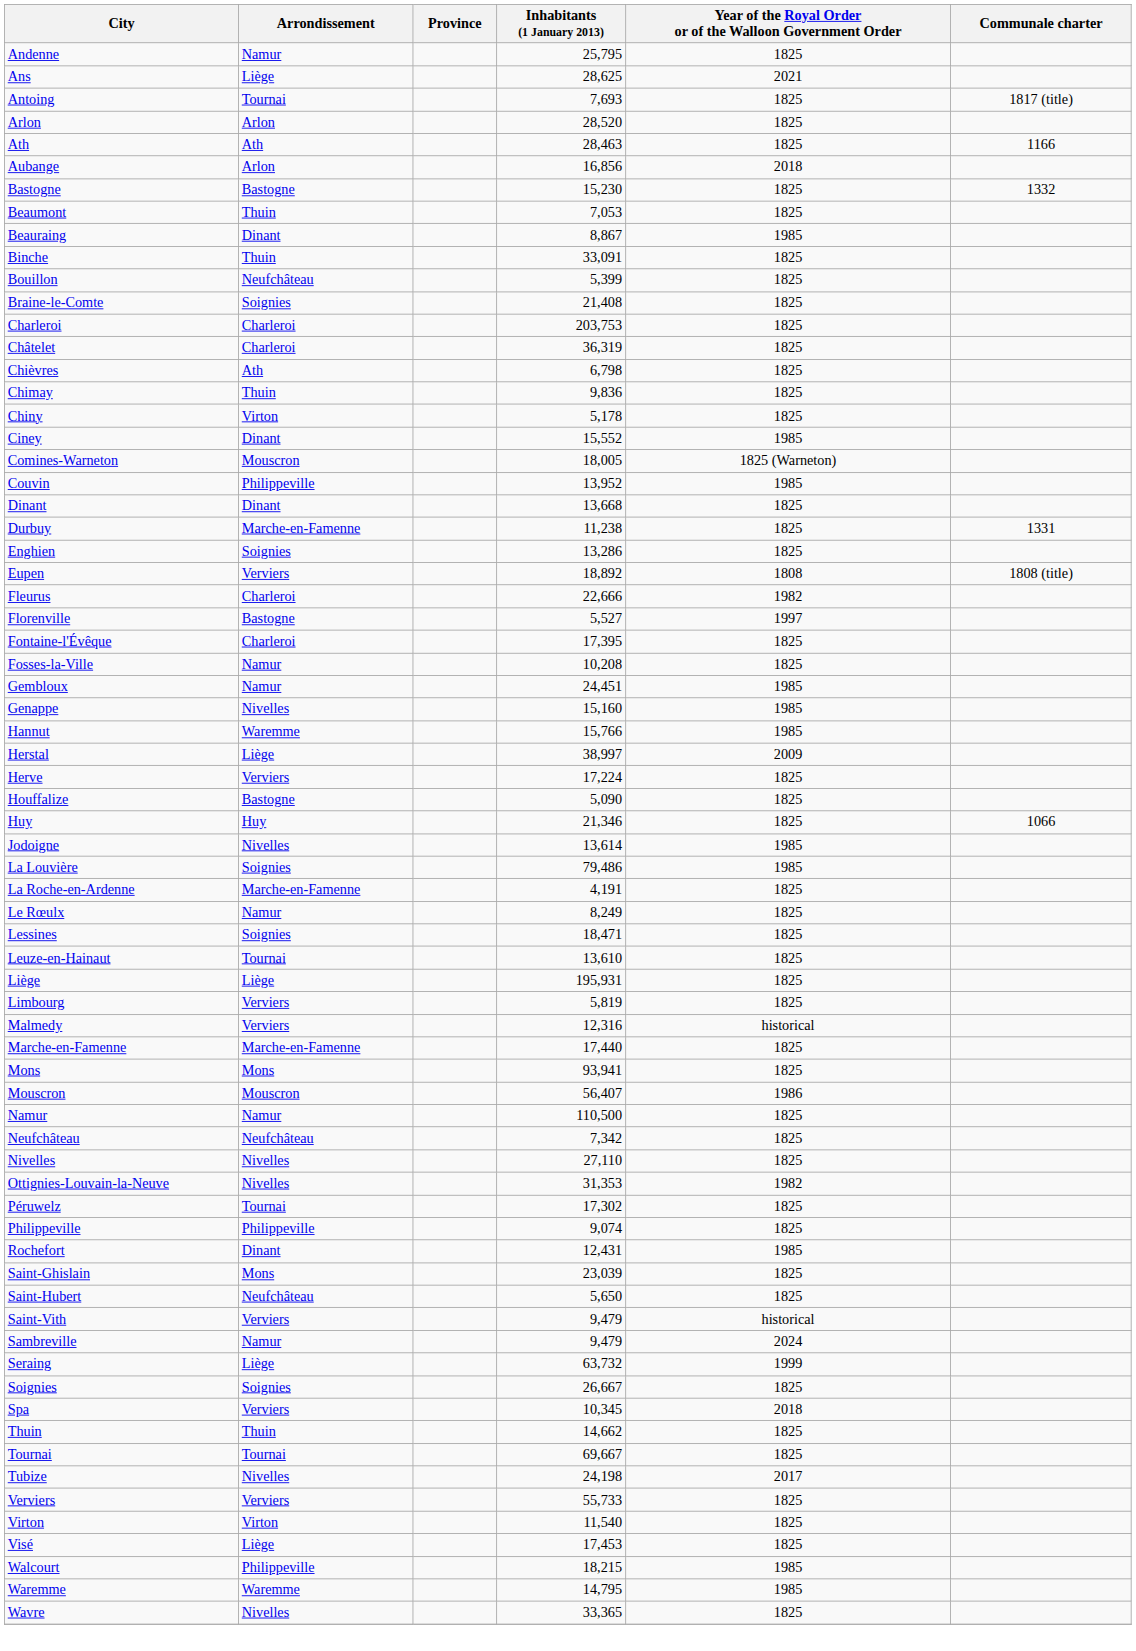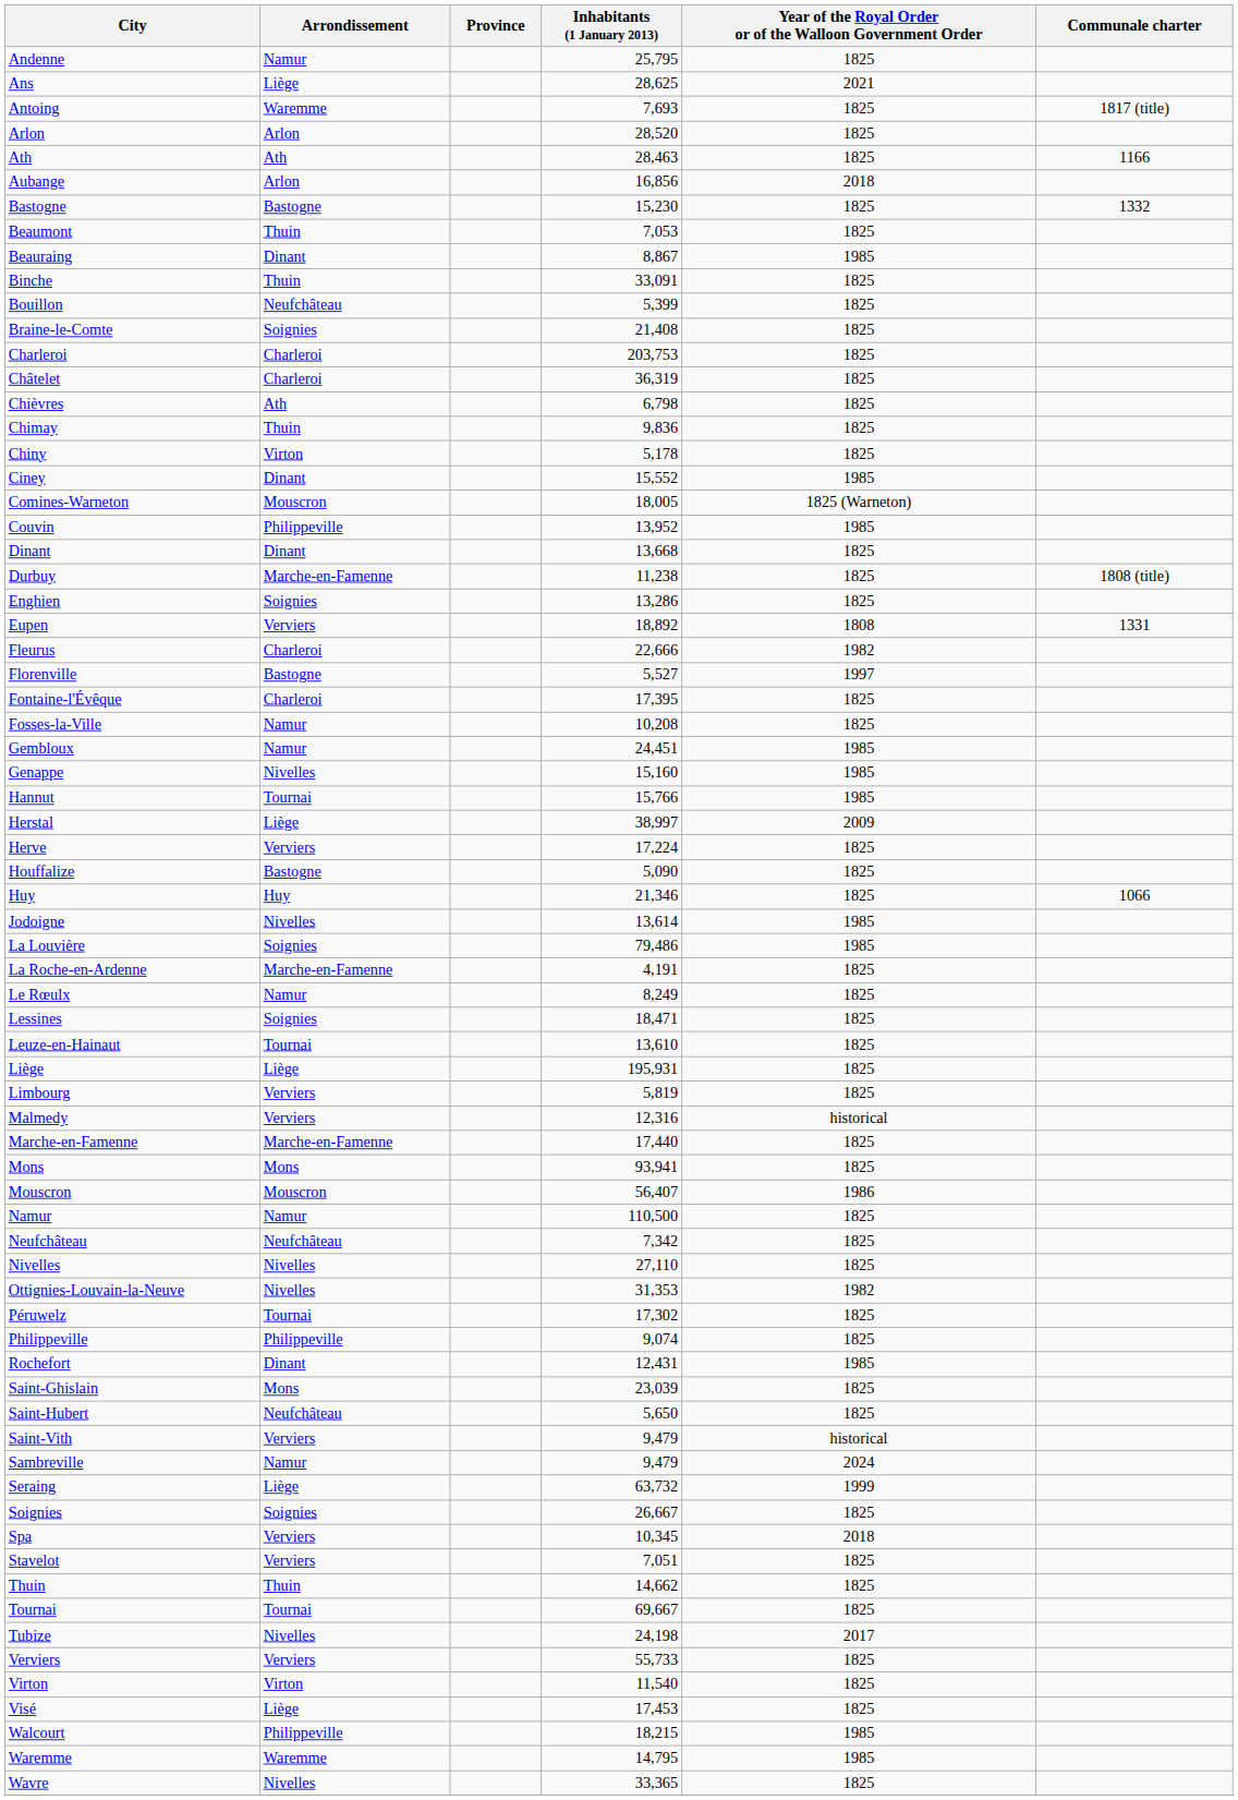 <table bgcolor="#DFDFDF" class="wikitable sortable centre" width="80%">
 <tr>
 <th>City</th>
 <th>Arrondissement</th>
 <th>Province</th>
 <th>Inhabitants<br><small>(1 January 2013)</small></th>
 <th>Year of the <a href='#'>Royal Order</a> <br>or of the Walloon Government Order</th>
 <th>Communale charter</th>
 </tr>
 <tr>
 <td><a href='#'>Andenne</a></td>
 <td><a href='#'>Namur</a></td>
 <td></td>
 <td align="right">25,795</td>
 <td align="center">1825</td>
 <td></td>
 </tr>
 <tr>
 <td><a href='#'>Ans</a></td>
 <td><a href='#'>Liège</a></td>
 <td></td>
 <td align="right">28,625</td>
 <td align="center">2021</td>
 <td></td>
 </tr>
 <tr>
 <td><a href='#'>Antoing</a></td>
-<td><a href='#'>Tournai</a></td>
+<td><a href='#'>Waremme</a></td>
 <td></td>
 <td align="right">7,693</td>
 <td align="center">1825</td>
 <td align="center">1817 (title)</td>
 </tr>
 <tr>
 <td><a href='#'>Arlon</a></td>
 <td><a href='#'>Arlon</a></td>
 <td></td>
 <td align="right">28,520</td>
 <td align="center">1825</td>
 <td></td>
 </tr>
 <tr>
 <td><a href='#'>Ath</a></td>
 <td><a href='#'>Ath</a></td>
 <td></td>
 <td align="right">28,463</td>
 <td align="center">1825</td>
 <td align="center">1166</td>
 </tr>
 <tr>
 <td><a href='#'>Aubange</a></td>
 <td><a href='#'>Arlon</a></td>
 <td></td>
 <td align="right">16,856</td>
 <td align="center">2018</td>
 <td></td>
 </tr>
 <tr>
 <td><a href='#'>Bastogne</a></td>
 <td><a href='#'>Bastogne</a></td>
 <td></td>
 <td align="right">15,230</td>
 <td align="center">1825</td>
 <td align="center">1332</td>
 </tr>
 <tr>
 <td><a href='#'>Beaumont</a></td>
 <td><a href='#'>Thuin</a></td>
 <td></td>
 <td align="right">7,053</td>
 <td align="center">1825</td>
 <td></td>
 </tr>
 <tr>
 <td><a href='#'>Beauraing</a></td>
 <td><a href='#'>Dinant</a></td>
 <td></td>
 <td align="right">8,867</td>
 <td align="center">1985</td>
 <td></td>
 </tr>
 <tr>
 <td><a href='#'>Binche</a></td>
 <td><a href='#'>Thuin</a></td>
 <td></td>
 <td align="right">33,091</td>
 <td align="center">1825</td>
 <td></td>
 </tr>
 <tr>
 <td><a href='#'>Bouillon</a></td>
 <td><a href='#'>Neufchâteau</a></td>
 <td></td>
 <td align="right">5,399</td>
 <td align="center">1825</td>
 <td></td>
 </tr>
 <tr>
 <td><a href='#'>Braine-le-Comte</a></td>
 <td><a href='#'>Soignies</a></td>
 <td></td>
 <td align="right">21,408</td>
 <td align="center">1825</td>
 <td></td>
 </tr>
 <tr>
 <td><a href='#'>Charleroi</a></td>
 <td><a href='#'>Charleroi</a></td>
 <td></td>
 <td align="right">203,753</td>
 <td align="center">1825</td>
 <td></td>
 </tr>
 <tr>
 <td><a href='#'>Châtelet</a></td>
 <td><a href='#'>Charleroi</a></td>
 <td></td>
 <td align="right">36,319</td>
 <td align="center">1825</td>
 <td></td>
 </tr>
 <tr>
 <td><a href='#'>Chièvres</a></td>
 <td><a href='#'>Ath</a></td>
 <td></td>
 <td align="right">6,798</td>
 <td align="center">1825</td>
 <td></td>
 </tr>
 <tr>
 <td><a href='#'>Chimay</a></td>
 <td><a href='#'>Thuin</a></td>
 <td></td>
 <td align="right">9,836</td>
 <td align="center">1825</td>
 <td></td>
 </tr>
 <tr>
 <td><a href='#'>Chiny</a></td>
 <td><a href='#'>Virton</a></td>
 <td></td>
 <td align="right">5,178</td>
 <td align="center">1825</td>
 <td></td>
 </tr>
 <tr>
 <td><a href='#'>Ciney</a></td>
 <td><a href='#'>Dinant</a></td>
 <td></td>
 <td align="right">15,552</td>
 <td align="center">1985</td>
 <td></td>
 </tr>
 <tr>
 <td><a href='#'>Comines-Warneton</a></td>
 <td><a href='#'>Mouscron</a></td>
 <td></td>
 <td align="right">18,005</td>
 <td align="center">1825 (Warneton)</td>
 <td></td>
 </tr>
 <tr>
 <td><a href='#'>Couvin</a></td>
 <td><a href='#'>Philippeville</a></td>
 <td></td>
 <td align="right">13,952</td>
 <td align="center">1985</td>
 <td></td>
 </tr>
 <tr>
 <td><a href='#'>Dinant</a></td>
 <td><a href='#'>Dinant</a></td>
 <td></td>
 <td align="right">13,668</td>
 <td align="center">1825</td>
 <td></td>
 </tr>
 <tr>
 <td><a href='#'>Durbuy</a></td>
 <td><a href='#'>Marche-en-Famenne</a></td>
 <td></td>
 <td align="right">11,238</td>
 <td align="center">1825</td>
-<td align="center">1331</td>
+<td align="center">1808 (title)</td>
 </tr>
 <tr>
 <td><a href='#'>Enghien</a></td>
 <td><a href='#'>Soignies</a></td>
 <td></td>
 <td align="right">13,286</td>
 <td align="center">1825</td>
 <td></td>
 </tr>
 <tr>
 <td><a href='#'>Eupen</a></td>
 <td><a href='#'>Verviers</a></td>
 <td></td>
 <td align="right">18,892</td>
 <td align="center">1808</td>
-<td align="center">1808 (title)</td>
+<td align="center">1331</td>
 </tr>
 <tr>
 <td><a href='#'>Fleurus</a></td>
 <td><a href='#'>Charleroi</a></td>
 <td></td>
 <td align="right">22,666</td>
 <td align="center">1982</td>
 <td></td>
 </tr>
 <tr>
 <td><a href='#'>Florenville</a></td>
 <td><a href='#'>Bastogne</a></td>
 <td></td>
 <td align="right">5,527</td>
 <td align="center">1997</td>
 <td></td>
 </tr>
 <tr>
 <td><a href='#'>Fontaine-l'Évêque</a></td>
 <td><a href='#'>Charleroi</a></td>
 <td></td>
 <td align="right">17,395</td>
 <td align="center">1825</td>
 <td></td>
 </tr>
 <tr>
 <td><a href='#'>Fosses-la-Ville</a></td>
 <td><a href='#'>Namur</a></td>
 <td></td>
 <td align="right">10,208</td>
 <td align="center">1825</td>
 <td></td>
 </tr>
 <tr>
 <td><a href='#'>Gembloux</a></td>
 <td><a href='#'>Namur</a></td>
 <td></td>
 <td align="right">24,451</td>
 <td align="center">1985</td>
 <td></td>
 </tr>
 <tr>
 <td><a href='#'>Genappe</a></td>
 <td><a href='#'>Nivelles</a></td>
 <td></td>
 <td align="right">15,160</td>
 <td align="center">1985</td>
 <td></td>
 </tr>
 <tr>
 <td><a href='#'>Hannut</a></td>
-<td><a href='#'>Waremme</a></td>
+<td><a href='#'>Tournai</a></td>
 <td></td>
 <td align="right">15,766</td>
 <td align="center">1985</td>
 <td></td>
 </tr>
 <tr>
 <td><a href='#'>Herstal</a></td>
 <td><a href='#'>Liège</a></td>
 <td></td>
 <td align="right">38,997</td>
 <td align="center">2009</td>
 <td></td>
 </tr>
 <tr>
 <td><a href='#'>Herve</a></td>
 <td><a href='#'>Verviers</a></td>
 <td></td>
 <td align="right">17,224</td>
 <td align="center">1825</td>
 <td></td>
 </tr>
 <tr>
 <td><a href='#'>Houffalize</a></td>
 <td><a href='#'>Bastogne</a></td>
 <td></td>
 <td align="right">5,090</td>
 <td align="center">1825</td>
 <td></td>
 </tr>
 <tr>
 <td><a href='#'>Huy</a></td>
 <td><a href='#'>Huy</a></td>
 <td></td>
 <td align="right">21,346</td>
 <td align="center">1825</td>
 <td align="center">1066</td>
 </tr>
 <tr>
 <td><a href='#'>Jodoigne</a></td>
 <td><a href='#'>Nivelles</a></td>
 <td></td>
 <td align="right">13,614</td>
 <td align="center">1985</td>
 <td></td>
 </tr>
 <tr>
 <td><a href='#'>La Louvière</a></td>
 <td><a href='#'>Soignies</a></td>
 <td></td>
 <td align="right">79,486</td>
 <td align="center">1985</td>
 <td></td>
 </tr>
 <tr>
 <td><a href='#'>La Roche-en-Ardenne</a></td>
 <td><a href='#'>Marche-en-Famenne</a></td>
 <td></td>
 <td align="right">4,191</td>
 <td align="center">1825</td>
 <td></td>
 </tr>
 <tr>
 <td><a href='#'>Le Rœulx</a></td>
 <td><a href='#'>Namur</a></td>
 <td></td>
 <td align="right">8,249</td>
 <td align="center">1825</td>
 <td></td>
 </tr>
 <tr>
 <td><a href='#'>Lessines</a></td>
 <td><a href='#'>Soignies</a></td>
 <td></td>
 <td align="right">18,471</td>
 <td align="center">1825</td>
 <td></td>
 </tr>
 <tr>
 <td><a href='#'>Leuze-en-Hainaut</a></td>
 <td><a href='#'>Tournai</a></td>
 <td></td>
 <td align="right">13,610</td>
 <td align="center">1825</td>
 <td></td>
 </tr>
 <tr>
 <td><a href='#'>Liège</a></td>
 <td><a href='#'>Liège</a></td>
 <td></td>
 <td align="right">195,931</td>
 <td align="center">1825</td>
 <td></td>
 </tr>
 <tr>
 <td><a href='#'>Limbourg</a></td>
 <td><a href='#'>Verviers</a></td>
 <td></td>
 <td align="right">5,819</td>
 <td align="center">1825</td>
 <td></td>
 </tr>
 <tr>
 <td><a href='#'>Malmedy</a></td>
 <td><a href='#'>Verviers</a></td>
 <td></td>
 <td align="right">12,316</td>
 <td align="center">historical</td>
 <td></td>
 </tr>
 <tr>
 <td><a href='#'>Marche-en-Famenne</a></td>
 <td><a href='#'>Marche-en-Famenne</a></td>
 <td></td>
 <td align="right">17,440</td>
 <td align="center">1825</td>
 <td></td>
 </tr>
 <tr>
 <td><a href='#'>Mons</a></td>
 <td><a href='#'>Mons</a></td>
 <td></td>
 <td align="right">93,941</td>
 <td align="center">1825</td>
 <td></td>
 </tr>
 <tr>
 <td><a href='#'>Mouscron</a></td>
 <td><a href='#'>Mouscron</a></td>
 <td></td>
 <td align="right">56,407</td>
 <td align="center">1986</td>
 <td></td>
 </tr>
 <tr>
 <td><a href='#'>Namur</a></td>
 <td><a href='#'>Namur</a></td>
 <td></td>
 <td align="right">110,500</td>
 <td align="center">1825</td>
 <td></td>
 </tr>
 <tr>
 <td><a href='#'>Neufchâteau</a></td>
 <td><a href='#'>Neufchâteau</a></td>
 <td></td>
 <td align="right">7,342</td>
 <td align="center">1825</td>
 <td></td>
 </tr>
 <tr>
 <td><a href='#'>Nivelles</a></td>
 <td><a href='#'>Nivelles</a></td>
 <td></td>
 <td align="right">27,110</td>
 <td align="center">1825</td>
 <td></td>
 </tr>
 <tr>
 <td><a href='#'>Ottignies-Louvain-la-Neuve</a></td>
 <td><a href='#'>Nivelles</a></td>
 <td></td>
 <td align="right">31,353</td>
 <td align="center">1982</td>
 <td></td>
 </tr>
 <tr>
 <td><a href='#'>Péruwelz</a></td>
 <td><a href='#'>Tournai</a></td>
 <td></td>
 <td align="right">17,302</td>
 <td align="center">1825</td>
 <td></td>
 </tr>
 <tr>
 <td><a href='#'>Philippeville</a></td>
 <td><a href='#'>Philippeville</a></td>
 <td></td>
 <td align="right">9,074</td>
 <td align="center">1825</td>
 <td></td>
 </tr>
 <tr>
 <td><a href='#'>Rochefort</a></td>
 <td><a href='#'>Dinant</a></td>
 <td></td>
 <td align="right">12,431</td>
 <td align="center">1985</td>
 <td></td>
 </tr>
 <tr>
 <td><a href='#'>Saint-Ghislain</a></td>
 <td><a href='#'>Mons</a></td>
 <td></td>
 <td align="right">23,039</td>
 <td align="center">1825</td>
 <td></td>
 </tr>
 <tr>
 <td><a href='#'>Saint-Hubert</a></td>
 <td><a href='#'>Neufchâteau</a></td>
 <td></td>
 <td align="right">5,650</td>
 <td align="center">1825</td>
 <td></td>
 </tr>
 <tr>
 <td><a href='#'>Saint-Vith</a></td>
 <td><a href='#'>Verviers</a></td>
 <td></td>
 <td align="right">9,479</td>
 <td align="center">historical</td>
 <td></td>
 </tr>
 <tr>
 <td><a href='#'>Sambreville</a></td>
 <td><a href='#'>Namur</a></td>
 <td></td>
 <td align="right">9,479</td>
 <td align="center">2024</td>
 <td></td>
 </tr>
 <tr>
 <td><a href='#'>Seraing</a></td>
 <td><a href='#'>Liège</a></td>
 <td></td>
 <td align="right">63,732</td>
 <td align="center">1999</td>
 <td></td>
 </tr>
 <tr>
 <td><a href='#'>Soignies</a></td>
 <td><a href='#'>Soignies</a></td>
 <td></td>
 <td align="right">26,667</td>
 <td align="center">1825</td>
 <td></td>
 </tr>
 <tr>
 <td><a href='#'>Spa</a></td>
 <td><a href='#'>Verviers</a></td>
 <td></td>
 <td align="right">10,345</td>
 <td align="center">2018</td>
 <td></td>
 </tr>
 <tr>
+<td><a href='#'>Stavelot</a></td>
+<td><a href='#'>Verviers</a></td>
+<td></td>
+<td align="right">7,051</td>
+<td align="center">1825</td>
+<td></td>
+</tr>
+<tr>
 <td><a href='#'>Thuin</a></td>
 <td><a href='#'>Thuin</a></td>
 <td></td>
 <td align="right">14,662</td>
 <td align="center">1825</td>
 <td></td>
 </tr>
 <tr>
 <td><a href='#'>Tournai</a></td>
 <td><a href='#'>Tournai</a></td>
 <td></td>
 <td align="right">69,667</td>
 <td align="center">1825</td>
 <td></td>
 </tr>
 <tr>
 <td><a href='#'>Tubize</a></td>
 <td><a href='#'>Nivelles</a></td>
 <td></td>
 <td align="right">24,198</td>
 <td align="center">2017</td>
 <td></td>
 </tr>
 <tr>
 <td><a href='#'>Verviers</a></td>
 <td><a href='#'>Verviers</a></td>
 <td></td>
 <td align="right">55,733</td>
 <td align="center">1825</td>
 <td></td>
 </tr>
 <tr>
 <td><a href='#'>Virton</a></td>
 <td><a href='#'>Virton</a></td>
 <td></td>
 <td align="right">11,540</td>
 <td align="center">1825</td>
 <td></td>
 </tr>
 <tr>
 <td><a href='#'>Visé</a></td>
 <td><a href='#'>Liège</a></td>
 <td></td>
 <td align="right">17,453</td>
 <td align="center">1825</td>
 <td></td>
 </tr>
 <tr>
 <td><a href='#'>Walcourt</a></td>
 <td><a href='#'>Philippeville</a></td>
 <td></td>
 <td align="right">18,215</td>
 <td align="center">1985</td>
 <td></td>
 </tr>
 <tr>
 <td><a href='#'>Waremme</a></td>
 <td><a href='#'>Waremme</a></td>
 <td></td>
 <td align="right">14,795</td>
 <td align="center">1985</td>
 <td></td>
 </tr>
 <tr>
 <td><a href='#'>Wavre</a></td>
 <td><a href='#'>Nivelles</a></td>
 <td></td>
 <td align="right">33,365</td>
 <td align="center">1825</td>
 <td></td>
 </tr>
 <tr>
 </tr>
 </table>
